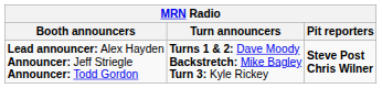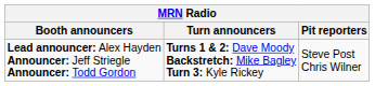 <table class="wikitable" style="font-size: 95%;">
 <tr>
 <th colspan="3"><a href='#'>MRN</a> Radio</th>
 </tr>
 <tr>
 <th>Booth announcers</th>
 <th>Turn announcers</th>
 <th>Pit reporters</th>
 </tr>
 <tr>
 <td><strong>Lead announcer:</strong> Alex Hayden<br><strong>Announcer:</strong> Jeff Striegle<br><strong>Announcer:</strong> <a href='#'>Todd Gordon</a></td>
 <td><strong>Turns 1 & 2:</strong> <a href='#'>Dave Moody</a><br><strong>Backstretch:</strong> <a href='#'>Mike Bagley</a><br><strong>Turn 3:</strong> Kyle Rickey</td>
-<td><strong>Steve Post<br>Chris Wilner</strong></td>
+<td>Steve Post<br>Chris Wilner</td>
 </tr>
 </table>
